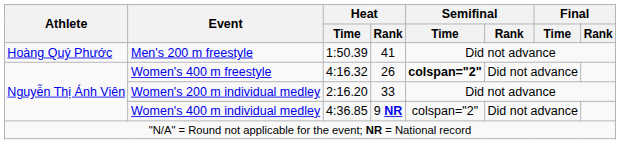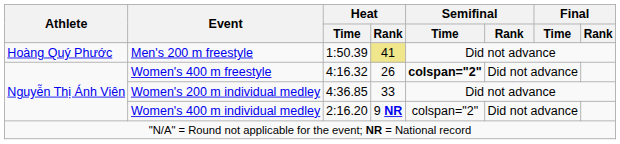 <table class="wikitable" style="font-size:92%">
 <tr>
 <th rowspan="2">Athlete</th>
 <th rowspan="2">Event</th>
 <th colspan="2">Heat</th>
 <th colspan="2">Semifinal</th>
 <th colspan="2">Final</th>
 </tr>
 <tr style="font-size:95%">
 <th>Time</th>
 <th>Rank</th>
 <th>Time</th>
 <th>Rank</th>
 <th>Time</th>
 <th>Rank</th>
 </tr>
 <tr align="center">
 <td align="left"><a href='#'>Hoàng Quý Phước</a></td>
 <td align="left"><a href='#'>Men's 200 m freestyle</a></td>
 <td>1:50.39</td>
-<td>41</td>
+<td style="background: khaki;">41</td>
 <td colspan="4">Did not advance</td>
 </tr>
 <tr align="center">
 <td align="left" rowspan=3><a href='#'>Nguyễn Thị Ánh Viên</a></td>
 <td align="left"><a href='#'>Women's 400 m freestyle</a></td>
 <td>4:16.32</td>
 <td>26</td>
 <td><strong>colspan="2" </strong></td>
 <td colspan="2">Did not advance</td>
 </tr>
 <tr align="center">
 <td align="left"><a href='#'>Women's 200 m individual medley</a></td>
-<td>2:16.20</td>
+<td>4:36.85</td>
 <td>33</td>
 <td colspan="4">Did not advance</td>
 </tr>
 <tr align="center">
 <td align="left"><a href='#'>Women's 400 m individual medley</a></td>
-<td>4:36.85</td>
+<td>2:16.20</td>
 <td>9 <strong><a href='#'>NR</a></strong></td>
 <td>colspan="2" </td>
 <td colspan="2">Did not advance</td>
 </tr>
 <tr>
 <td colspan="8" style="font-size:90%; text-align:center;">"N/A" = Round not applicable for the event; <strong>NR</strong> = National record</td>
 </tr>
 </table>
